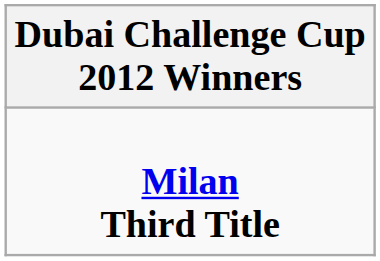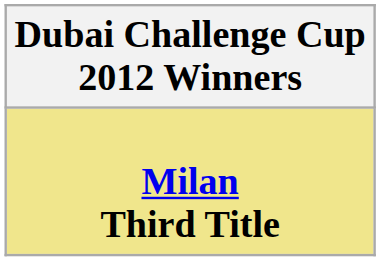 <table class="wikitable" style="text-align: center; margin: 0 auto;">
 <tr>
 <th>Dubai Challenge Cup<br>2012 Winners</th>
 </tr>
 <tr>
-<td><br><strong><a href='#'>Milan</a></strong><br><strong>Third Title</strong></td>
+<td style="background: khaki;"><br><strong><a href='#'>Milan</a></strong><br><strong>Third Title</strong></td>
 </tr>
 </table>
